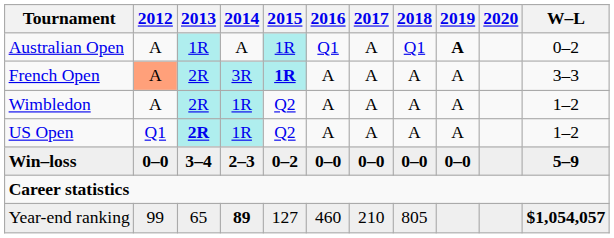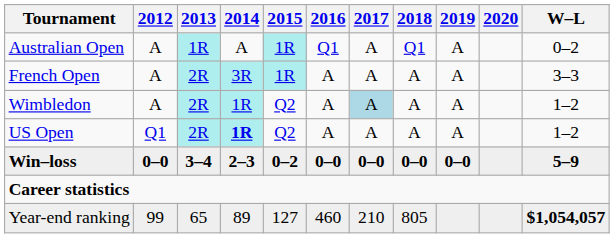 <table class="wikitable" style="text-align:center;font-size:97%">
 <tr>
 <th>Tournament</th>
 <th><a href='#'>2012</a></th>
 <th><a href='#'>2013</a></th>
 <th><a href='#'>2014</a></th>
 <th><a href='#'>2015</a></th>
 <th><a href='#'>2016</a></th>
 <th><a href='#'>2017</a></th>
 <th><a href='#'>2018</a></th>
 <th><a href='#'>2019</a></th>
 <th><a href='#'>2020</a></th>
 <th>W–L</th>
 </tr>
 <tr>
 <td align="left"><a href='#'>Australian Open</a></td>
 <td>A</td>
 <td bgcolor="afeeee"><a href='#'>1R</a></td>
 <td>A</td>
 <td bgcolor="afeeee"><a href='#'>1R</a></td>
 <td><a href='#'>Q1</a></td>
 <td>A</td>
 <td><a href='#'>Q1</a></td>
-<td><strong>A</strong></td>
+<td>A</td>
 <td></td>
 <td>0–2</td>
 </tr>
 <tr>
 <td align="left"><a href='#'>French Open</a></td>
-<td style="background: lightsalmon;">A</td>
+<td>A</td>
 <td bgcolor="afeeee"><a href='#'>2R</a></td>
 <td bgcolor="afeeee"><a href='#'>3R</a></td>
-<td bgcolor="afeeee"><strong><a href='#'>1R</a></strong></td>
+<td bgcolor="afeeee"><a href='#'>1R</a></td>
 <td>A</td>
 <td>A</td>
 <td>A</td>
 <td>A</td>
 <td></td>
 <td>3–3</td>
 </tr>
 <tr>
 <td align="left"><a href='#'>Wimbledon</a></td>
 <td>A</td>
 <td bgcolor="afeeee"><a href='#'>2R</a></td>
 <td bgcolor="afeeee"><a href='#'>1R</a></td>
 <td><a href='#'>Q2</a></td>
 <td>A</td>
-<td>A</td>
+<td style="background: lightblue;">A</td>
 <td>A</td>
 <td>A</td>
 <td></td>
 <td>1–2</td>
 </tr>
 <tr>
 <td align="left"><a href='#'>US Open</a></td>
 <td><a href='#'>Q1</a></td>
-<td bgcolor="afeeee"><strong><a href='#'>2R</a></strong></td>
-<td bgcolor="afeeee"><a href='#'>1R</a></td>
+<td bgcolor="afeeee"><a href='#'>2R</a></td>
+<td bgcolor="afeeee"><strong><a href='#'>1R</a></strong></td>
 <td><a href='#'>Q2</a></td>
 <td>A</td>
 <td>A</td>
 <td>A</td>
 <td>A</td>
 <td></td>
 <td>1–2</td>
 </tr>
 <tr style="background:#efefef; font-weight:bold;">
 <td style="text-align:left">Win–loss</td>
 <td>0–0</td>
 <td>3–4</td>
 <td>2–3</td>
 <td>0–2</td>
 <td>0–0</td>
 <td>0–0</td>
 <td>0–0</td>
 <td>0–0</td>
 <td></td>
 <td>5–9</td>
 </tr>
 <tr>
 <td colspan="11" align="left"><strong>Career statistics</strong></td>
 </tr>
 <tr style="background:#efefef;">
 <td align="left">Year-end ranking</td>
 <td>99</td>
 <td>65</td>
-<td><strong>89</strong></td>
+<td>89</td>
 <td>127</td>
 <td>460</td>
 <td>210</td>
 <td>805</td>
 <td></td>
 <td></td>
 <td><strong>$1,054,057</strong></td>
 </tr>
 </table>
